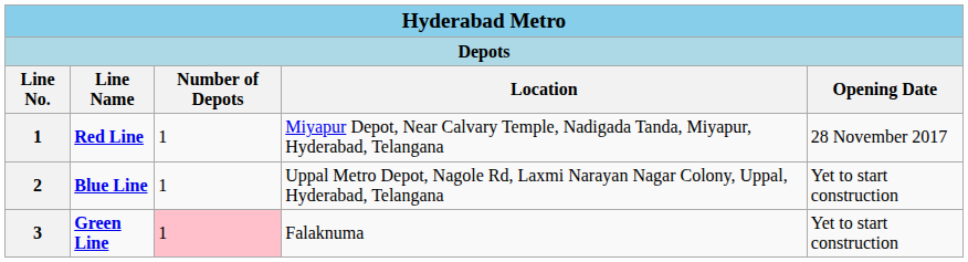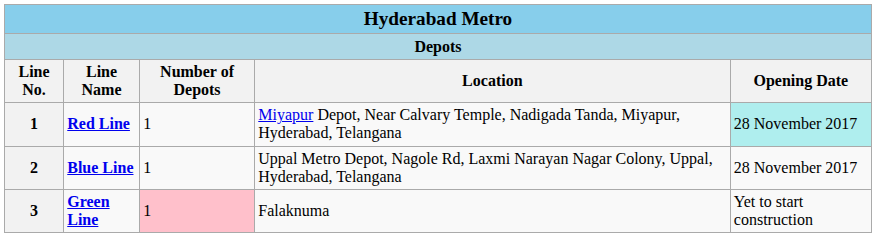 <table class="wikitable">
 <tr>
 <th style="background:skyBlue;" colspan="5"><strong><big>Hyderabad Metro</big></strong></th>
 </tr>
 <tr>
 <th style="background:#ADD8E6;" colspan="5">Depots</th>
 </tr>
 <tr>
 <th>Line No.</th>
 <th>Line Name</th>
 <th>Number of Depots</th>
 <th>Location</th>
 <th>Opening Date</th>
 </tr>
 <tr>
 <th><strong>1</strong></th>
 <td style="background:#"><a href='#'><span><strong>Red Line</strong></span></a></td>
 <td>1</td>
 <td><a href='#'>Miyapur</a> Depot, Near Calvary Temple, Nadigada Tanda, Miyapur, Hyderabad, Telangana</td>
-<td>28 November 2017</td>
+<td style="background: paleturquoise;">28 November 2017</td>
 </tr>
 <tr>
 <th><strong>2</strong></th>
 <td style="background:#"><a href='#'><span><strong>Blue Line</strong></span></a></td>
 <td>1</td>
 <td>Uppal Metro Depot,  Nagole Rd, Laxmi Narayan Nagar Colony, Uppal, Hyderabad, Telangana</td>
-<td>Yet to start construction</td>
+<td>28 November 2017</td>
 </tr>
 <tr>
 <th><strong>3</strong></th>
 <td style="background:#"><a href='#'><span><strong>Green Line</strong></span></a></td>
 <td style="background: pink;">1</td>
 <td>Falaknuma</td>
 <td>Yet to start construction</td>
 </tr>
 </table>
